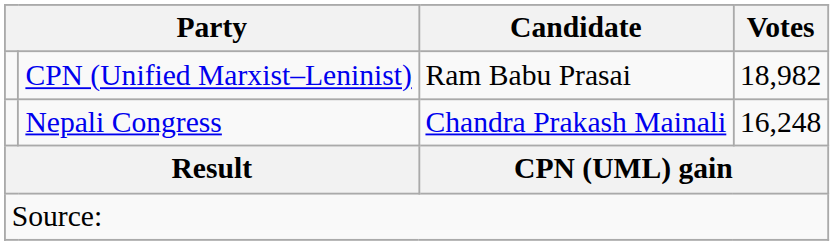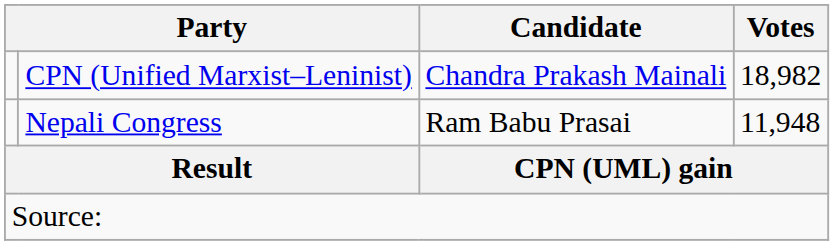 <table class="wikitable">
 <tr>
 <th colspan="2">Party</th>
 <th>Candidate</th>
 <th>Votes</th>
 </tr>
 <tr>
 <td style="background-color:"></td>
 <td><a href='#'>CPN (Unified Marxist–Leninist)</a></td>
-<td>Ram Babu Prasai</td>
+<td><a href='#'>Chandra Prakash Mainali</a></td>
 <td>18,982</td>
 </tr>
 <tr>
 <td style="background-color:"></td>
 <td><a href='#'>Nepali Congress</a></td>
-<td><a href='#'>Chandra Prakash Mainali</a></td>
-<td>16,248</td>
+<td>Ram Babu Prasai</td>
+<td>11,948</td>
 </tr>
 <tr>
 <th colspan="2">Result</th>
 <th colspan="2">CPN (UML) gain</th>
 </tr>
 <tr>
 <td colspan="4">Source: </td>
 </tr>
 </table>
